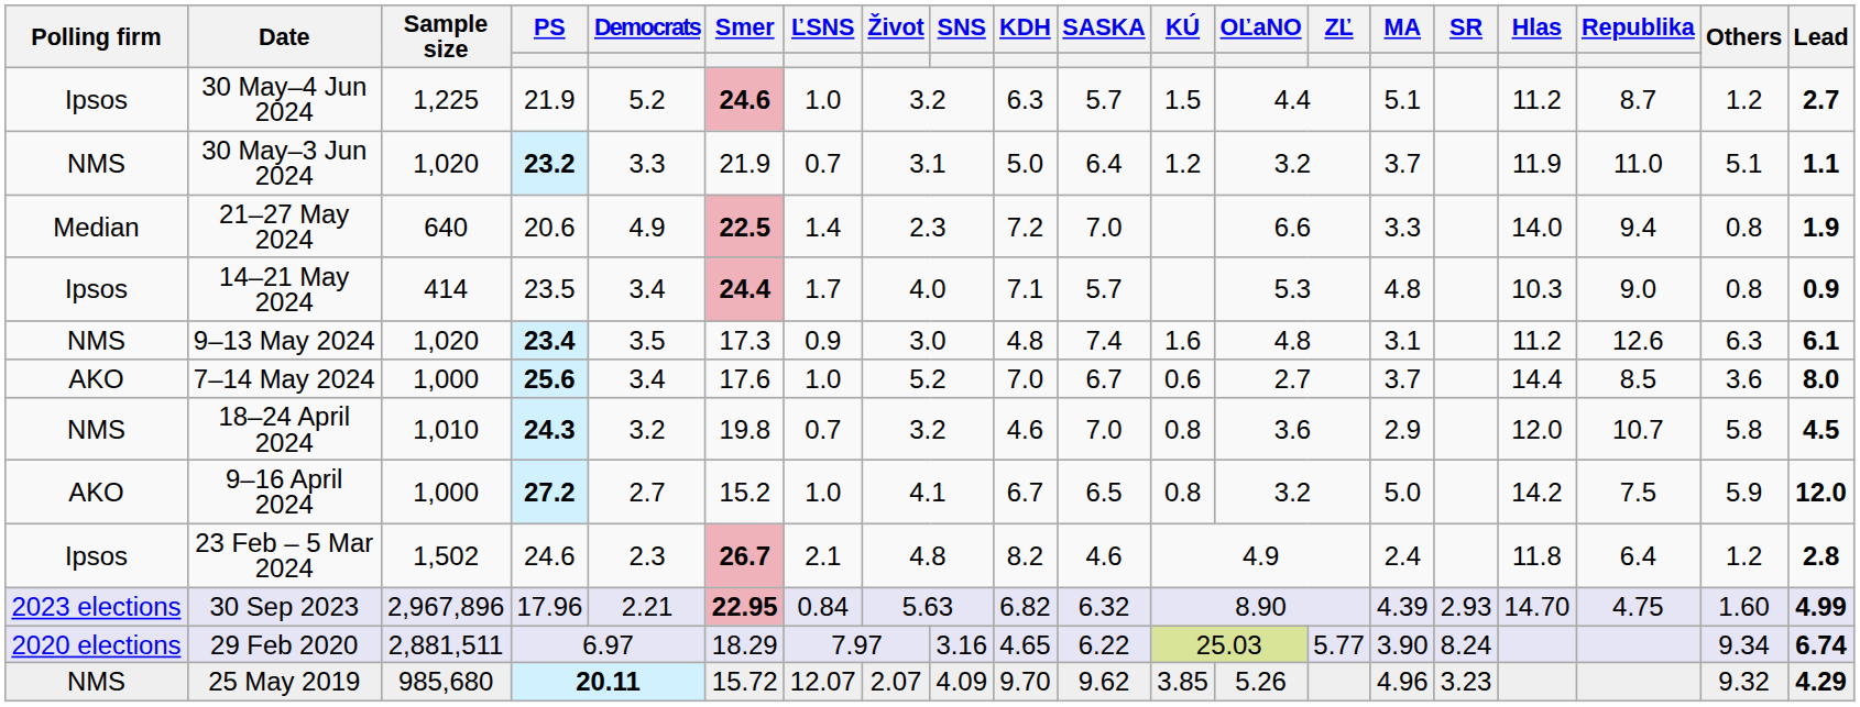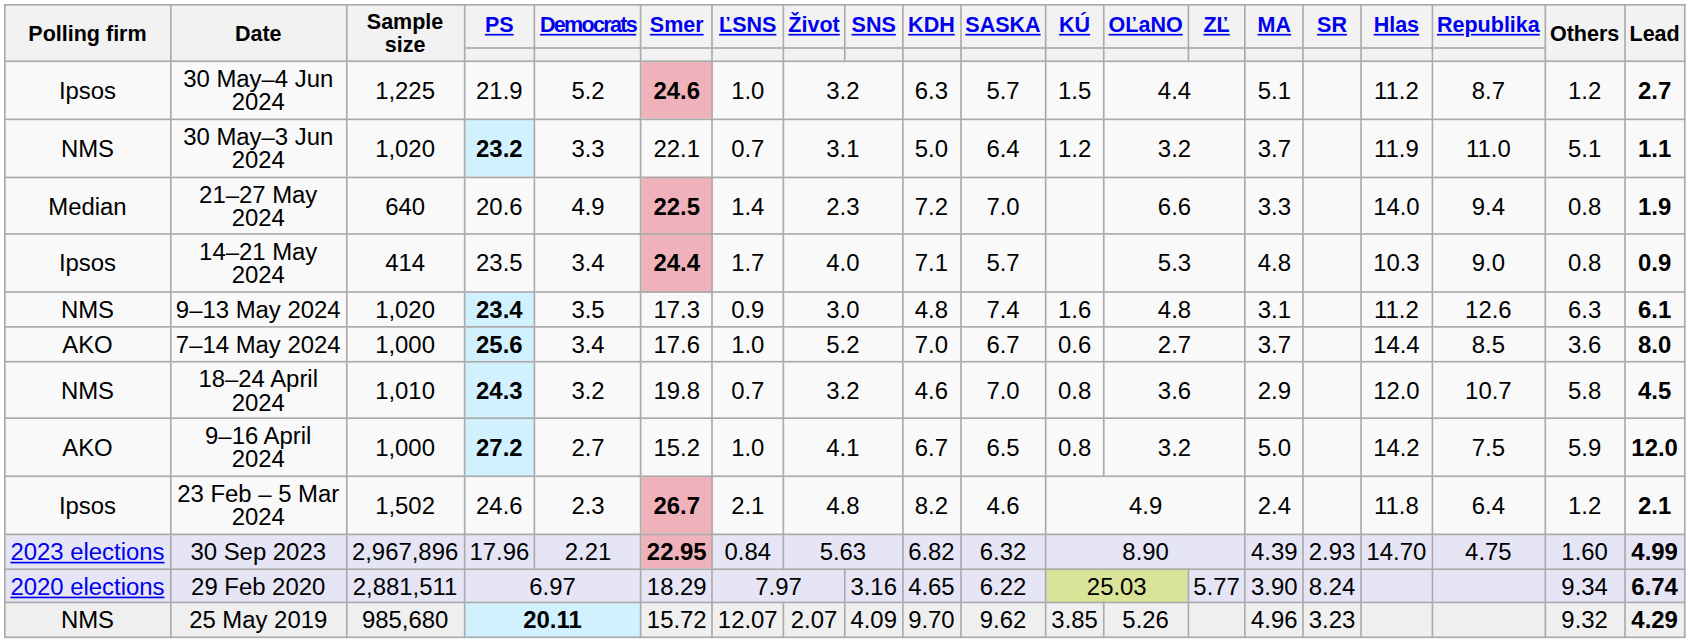 <table class="wikitable sortable nowrap mw-datatable" style="text-align:center; font-size:90%; line-height:14px;">
 <tr style="font-size:90%";>
 <th rowspan="2">Polling firm</th>
 <th style="width:100px;" data-sort-type="date"; rowspan="2">Date</th>
 <th class="unsortable" rowspan="2">Sample<br>size</th>
 <th class="unsortable"><a href='#'>PS</a><br></th>
 <th class="unsortable" style="letter-spacing: -1px;"><a href='#'>Democrats</a><br></th>
 <th class="unsortable"><a href='#'>Smer</a><br></th>
 <th class="unsortable"><a href='#'>ĽSNS</a><br></th>
 <th class="unsortable"><a href='#'>Život</a><br></th>
 <th class="unsortable"><a href='#'>SNS</a><br></th>
 <th class="unsortable"><a href='#'>KDH</a><br></th>
 <th class="unsortable"><a href='#'>SASKA</a><br></th>
 <th class="unsortable"><a href='#'>KÚ</a><br></th>
 <th class="unsortable"><a href='#'>OĽaNO</a><br></th>
 <th class="unsortable"><a href='#'>ZĽ</a><br></th>
 <th class="unsortable"><a href='#'>MA</a><br></th>
 <th class="unsortable"><a href='#'>SR</a><br></th>
 <th class="unsortable"><a href='#'>Hlas</a><br></th>
 <th class="unsortable"><a href='#'>Republika</a><br></th>
 <th class="unsortable" style="width:20px;" rowspan="2">Others</th>
 <th class="unsortable" style="width:20px;" rowspan="2">Lead</th>
 </tr>
 <tr>
 <th style="background:"></th>
 <th style="background:"></th>
 <th style="background:"></th>
 <th style="background:"></th>
 <th style="background:"></th>
 <th style="background:"></th>
 <th style="background:"></th>
 <th style="background:"></th>
 <th style="background:"></th>
 <th style="background:"></th>
 <th style="background:"></th>
 <th style="background:"></th>
 <th style="background:"></th>
 <th style="background:"></th>
 <th style="background:"></th>
 </tr>
 <tr>
 <td>Ipsos</td>
 <td>30 May–4 Jun 2024</td>
 <td>1,225</td>
 <td>21.9<br></td>
 <td>5.2<br></td>
 <td style="background:#F0B2BA;"><strong>24.6</strong><br></td>
 <td>1.0<br></td>
 <td colspan=2>3.2<br></td>
 <td>6.3<br></td>
 <td>5.7<br></td>
 <td>1.5<br></td>
 <td colspan=2>4.4<br></td>
 <td>5.1<br></td>
 <td></td>
 <td>11.2<br></td>
 <td>8.7<br></td>
 <td>1.2</td>
 <td style="background:"><strong>2.7</strong></td>
 </tr>
 <tr>
 <td>NMS</td>
 <td>30 May–3 Jun 2024</td>
 <td>1,020</td>
 <td style="background:#D1F1FF"><strong>23.2</strong><br></td>
 <td>3.3<br></td>
-<td>21.9<br></td>
+<td>22.1<br></td>
 <td>0.7<br></td>
 <td colspan=2>3.1<br></td>
 <td>5.0<br></td>
 <td>6.4<br></td>
 <td>1.2<br></td>
 <td colspan=2>3.2<br></td>
 <td>3.7<br></td>
 <td></td>
 <td>11.9<br></td>
 <td>11.0<br></td>
 <td>5.1</td>
 <td style="background:"><strong>1.1</strong></td>
 </tr>
 <tr>
 <td>Median</td>
 <td>21–27 May 2024</td>
 <td>640</td>
 <td>20.6</td>
 <td>4.9</td>
 <td style="background:#F0B2BA;"><strong>22.5</strong></td>
 <td>1.4</td>
 <td colspan=2>2.3</td>
 <td>7.2</td>
 <td>7.0</td>
 <td></td>
 <td colspan=2>6.6</td>
 <td>3.3</td>
 <td></td>
 <td>14.0</td>
 <td>9.4</td>
 <td>0.8</td>
 <td style="background:"><strong>1.9</strong></td>
 </tr>
 <tr>
 <td>Ipsos</td>
 <td>14–21 May 2024</td>
 <td>414</td>
 <td>23.5<br></td>
 <td>3.4<br></td>
 <td style="background:#F0B2BA;"><strong>24.4</strong><br></td>
 <td>1.7<br></td>
 <td colspan=2>4.0<br></td>
 <td>7.1<br></td>
 <td>5.7<br></td>
 <td></td>
 <td colspan=2>5.3<br></td>
 <td>4.8<br></td>
 <td></td>
 <td>10.3<br></td>
 <td>9.0<br></td>
 <td>0.8</td>
 <td style="background:"><strong>0.9</strong></td>
 </tr>
 <tr>
 <td>NMS</td>
 <td>9–13 May 2024</td>
 <td>1,020</td>
 <td style="background:#D1F1FF"><strong>23.4</strong><br></td>
 <td>3.5<br></td>
 <td>17.3<br></td>
 <td>0.9<br></td>
 <td colspan=2>3.0<br></td>
 <td>4.8<br></td>
 <td>7.4<br></td>
 <td>1.6<br></td>
 <td colspan=2>4.8<br></td>
 <td>3.1<br></td>
 <td></td>
 <td>11.2<br></td>
 <td>12.6<br></td>
 <td>6.3</td>
 <td style="background:"><strong>6.1</strong></td>
 </tr>
 <tr>
 <td>AKO</td>
 <td>7–14 May 2024</td>
 <td>1,000</td>
 <td style="background:#D1F1FF"><strong>25.6</strong><br></td>
 <td>3.4<br></td>
 <td>17.6<br></td>
 <td>1.0<br></td>
 <td colspan=2>5.2<br></td>
 <td>7.0<br></td>
 <td>6.7<br></td>
 <td>0.6<br></td>
 <td colspan=2>2.7<br></td>
 <td>3.7<br></td>
 <td></td>
 <td>14.4<br></td>
 <td>8.5<br></td>
 <td>3.6</td>
 <td style="background:"><strong>8.0</strong></td>
 </tr>
 <tr>
 <td>NMS</td>
 <td>18–24 April 2024</td>
 <td>1,010</td>
 <td style="background:#D1F1FF"><strong>24.3</strong><br></td>
 <td>3.2<br></td>
 <td>19.8<br></td>
 <td>0.7<br></td>
 <td colspan=2>3.2<br></td>
 <td>4.6<br></td>
 <td>7.0<br></td>
 <td>0.8<br></td>
 <td colspan=2>3.6<br></td>
 <td>2.9<br></td>
 <td></td>
 <td>12.0<br></td>
 <td>10.7<br></td>
 <td>5.8</td>
 <td style="background:"><strong>4.5</strong></td>
 </tr>
 <tr>
 <td>AKO</td>
 <td>9–16 April 2024</td>
 <td>1,000</td>
 <td style="background:#D1F1FF"><strong>27.2</strong><br></td>
 <td>2.7<br></td>
 <td>15.2<br></td>
 <td>1.0<br></td>
 <td colspan=2>4.1<br></td>
 <td>6.7<br></td>
 <td>6.5<br></td>
 <td>0.8<br></td>
 <td colspan=2>3.2<br></td>
 <td>5.0<br></td>
 <td></td>
 <td>14.2<br></td>
 <td>7.5<br></td>
 <td>5.9</td>
 <td style="background:"><strong>12.0</strong></td>
 </tr>
 <tr>
 <td>Ipsos</td>
 <td>23 Feb – 5 Mar 2024</td>
 <td>1,502</td>
 <td>24.6<br></td>
 <td>2.3<br></td>
 <td style="background:#F0B2BA;"><strong>26.7</strong><br></td>
 <td>2.1<br></td>
 <td colspan=2>4.8<br></td>
 <td>8.2<br></td>
 <td>4.6<br></td>
 <td colspan=3>4.9<br></td>
 <td>2.4<br></td>
 <td></td>
 <td>11.8<br></td>
 <td>6.4<br></td>
 <td>1.2</td>
-<td style="background:"><strong>2.8</strong></td>
+<td style="background:"><strong>2.1</strong></td>
 </tr>
 <tr style="background:#E5E5F5">
 <td><a href='#'>2023 elections</a></td>
 <td data-sort-value="2023-09-30">30 Sep 2023</td>
 <td>2,967,896</td>
 <td>17.96</td>
 <td>2.21</td>
 <td style="background:#F0B2BA;"><strong>22.95</strong></td>
 <td>0.84</td>
 <td colspan=2>5.63</td>
 <td>6.82</td>
 <td>6.32</td>
 <td colspan=3>8.90</td>
 <td>4.39</td>
 <td>2.93</td>
 <td>14.70</td>
 <td>4.75</td>
 <td>1.60</td>
 <td style="background:"><strong>4.99</strong></td>
 </tr>
 <tr style="background:#E5E5F5">
 <td><a href='#'>2020 elections</a></td>
 <td data-sort-value="2020-02-29">29 Feb 2020</td>
 <td>2,881,511</td>
 <td colspan=2>6.97</td>
 <td>18.29</td>
 <td colspan=2>7.97</td>
 <td>3.16</td>
 <td>4.65</td>
 <td>6.22</td>
 <td style="background:#d9e499;" colspan=2>25.03</td>
 <td>5.77</td>
 <td>3.90</td>
 <td>8.24</td>
 <td></td>
 <td></td>
 <td>9.34</td>
 <td style="background:"><strong>6.74</strong></td>
 </tr>
 <tr style="background:#EFEFEF">
 <td>NMS</td>
 <td data-sort-value="2019-05-25">25 May 2019</td>
 <td>985,680</td>
 <td style="background:#D1F1FF" colspan=2><strong>20.11</strong><br></td>
 <td>15.72<br></td>
 <td>12.07<br></td>
 <td>2.07<br></td>
 <td>4.09<br></td>
 <td>9.70<br></td>
 <td>9.62<br></td>
 <td>3.85<br></td>
 <td>5.26<br></td>
 <td></td>
 <td>4.96<br></td>
 <td>3.23<br></td>
 <td></td>
 <td></td>
 <td>9.32</td>
 <td style="background:"><strong>4.29</strong></td>
 </tr>
 </table>
